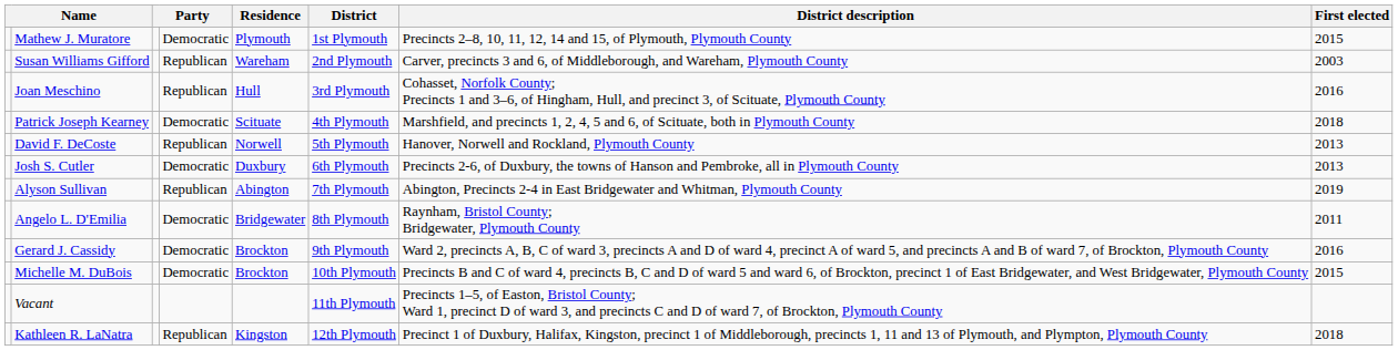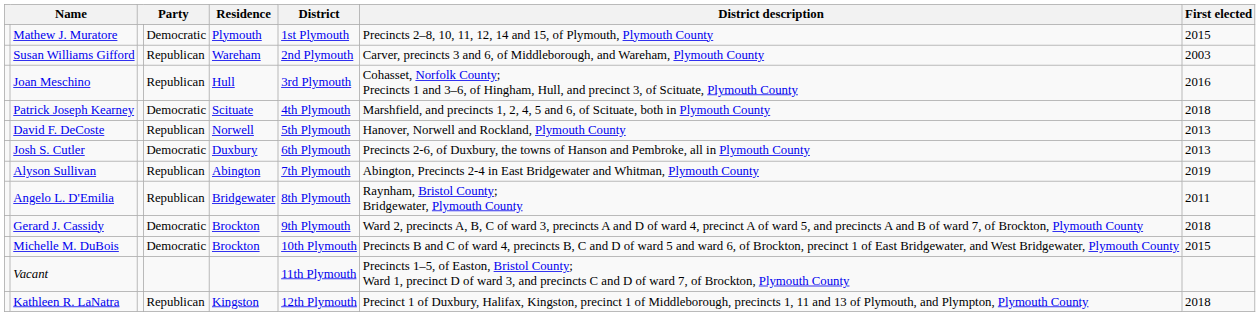 <table class="wikitable sortable" style="text-align:left;">
 <tr>
 <th colspan="2">Name</th>
 <th colspan=2>Party</th>
 <th>Residence</th>
 <th>District</th>
 <th>District description</th>
 <th>First elected</th>
 </tr>
 <tr>
 <td></td>
 <td><a href='#'>Mathew J. Muratore</a></td>
 <td style="background-color:"></td>
 <td>Democratic</td>
 <td><a href='#'>Plymouth</a></td>
 <td><a href='#'>1st Plymouth</a></td>
 <td>Precincts 2–8, 10, 11, 12, 14 and 15, of Plymouth, <a href='#'>Plymouth County</a></td>
 <td>2015</td>
 </tr>
 <tr>
 <td></td>
 <td><a href='#'>Susan Williams Gifford</a></td>
 <td style="background-color:"></td>
 <td>Republican</td>
 <td><a href='#'>Wareham</a></td>
 <td><a href='#'>2nd Plymouth</a></td>
 <td>Carver, precincts 3 and 6, of Middleborough, and Wareham, <a href='#'>Plymouth County</a></td>
 <td>2003</td>
 </tr>
 <tr>
 <td></td>
 <td><a href='#'>Joan Meschino</a></td>
 <td style="background-color:"></td>
 <td>Republican</td>
 <td><a href='#'>Hull</a></td>
 <td><a href='#'>3rd Plymouth</a></td>
 <td>Cohasset, <a href='#'>Norfolk County</a>;<br>Precincts 1 and 3–6, of Hingham, Hull, and precinct 3, of Scituate, <a href='#'>Plymouth County</a></td>
 <td>2016</td>
 </tr>
 <tr>
 <td></td>
 <td><a href='#'>Patrick Joseph Kearney</a></td>
 <td style="background-color:"></td>
 <td>Democratic</td>
 <td><a href='#'>Scituate</a></td>
 <td><a href='#'>4th Plymouth</a></td>
 <td>Marshfield, and precincts 1, 2, 4, 5 and 6, of Scituate, both in <a href='#'>Plymouth County</a></td>
 <td>2018</td>
 </tr>
 <tr>
 <td></td>
 <td><a href='#'>David F. DeCoste</a></td>
 <td style="background-color:"></td>
 <td>Republican</td>
 <td><a href='#'>Norwell</a></td>
 <td><a href='#'>5th Plymouth</a></td>
 <td>Hanover, Norwell and Rockland, <a href='#'>Plymouth County</a></td>
 <td>2013</td>
 </tr>
 <tr>
 <td></td>
 <td><a href='#'>Josh S. Cutler</a></td>
 <td style="background-color:"></td>
 <td>Democratic</td>
 <td><a href='#'>Duxbury</a></td>
 <td><a href='#'>6th Plymouth</a></td>
 <td>Precincts 2-6, of Duxbury, the towns of Hanson and Pembroke, all in <a href='#'>Plymouth County</a></td>
 <td>2013</td>
 </tr>
 <tr>
 <td></td>
 <td><a href='#'>Alyson Sullivan</a></td>
 <td style="background-color:"></td>
 <td>Republican</td>
 <td><a href='#'>Abington</a></td>
 <td><a href='#'>7th Plymouth</a></td>
 <td>Abington, Precincts 2-4 in East Bridgewater and Whitman, <a href='#'>Plymouth County</a></td>
 <td>2019</td>
 </tr>
 <tr>
 <td></td>
 <td><a href='#'>Angelo L. D'Emilia</a></td>
 <td style="background-color:"></td>
-<td>Democratic</td>
+<td>Republican</td>
 <td><a href='#'>Bridgewater</a></td>
 <td><a href='#'>8th Plymouth</a></td>
 <td>Raynham, <a href='#'>Bristol County</a>;<br>Bridgewater, <a href='#'>Plymouth County</a></td>
 <td>2011</td>
 </tr>
 <tr>
 <td></td>
 <td><a href='#'>Gerard J. Cassidy</a></td>
 <td style="background-color:"></td>
 <td>Democratic</td>
 <td><a href='#'>Brockton</a></td>
 <td><a href='#'>9th Plymouth</a></td>
 <td>Ward 2, precincts A, B, C of ward 3, precincts A and D of ward 4, precinct A of ward 5, and precincts A and B of ward 7, of Brockton, <a href='#'>Plymouth County</a></td>
-<td>2016</td>
+<td>2018</td>
 </tr>
 <tr>
 <td></td>
 <td><a href='#'>Michelle M. DuBois</a></td>
 <td style="background-color:"></td>
 <td>Democratic</td>
 <td><a href='#'>Brockton</a></td>
 <td><a href='#'>10th Plymouth</a></td>
 <td>Precincts B and C of ward 4, precincts B, C and D of ward 5 and ward 6, of Brockton, precinct 1 of East Bridgewater, and West Bridgewater, <a href='#'>Plymouth County</a></td>
 <td>2015</td>
 </tr>
 <tr>
 <td></td>
 <td><em>Vacant</em></td>
 <td></td>
 <td></td>
 <td></td>
 <td><a href='#'>11th Plymouth</a></td>
 <td>Precincts 1–5, of Easton, <a href='#'>Bristol County</a>;<br>Ward 1, precinct D of ward 3, and precincts C and D of ward 7, of Brockton, <a href='#'>Plymouth County</a></td>
 <td></td>
 </tr>
 <tr>
 <td></td>
 <td><a href='#'>Kathleen R. LaNatra</a></td>
 <td style="background-color:"></td>
 <td>Republican</td>
 <td><a href='#'>Kingston</a></td>
 <td><a href='#'>12th Plymouth</a></td>
 <td>Precinct 1 of Duxbury, Halifax, Kingston, precinct 1 of Middleborough, precincts 1, 11 and 13 of Plymouth, and Plympton, <a href='#'>Plymouth County</a></td>
 <td>2018</td>
 </tr>
 </table>
